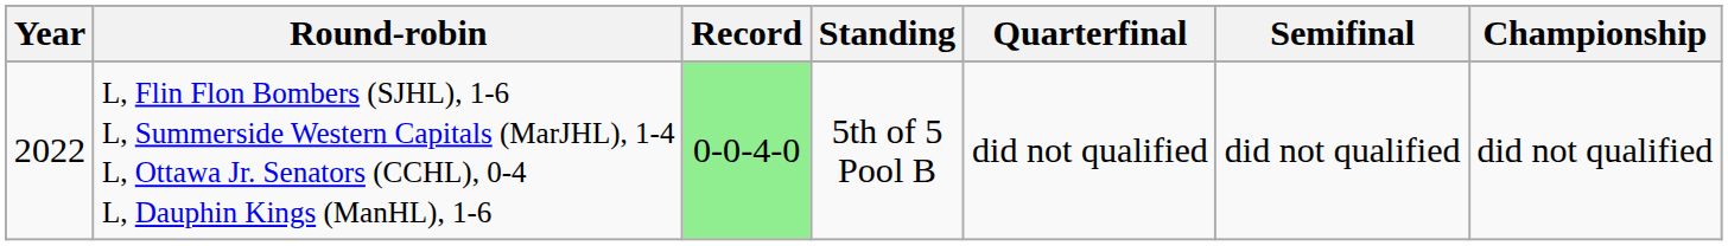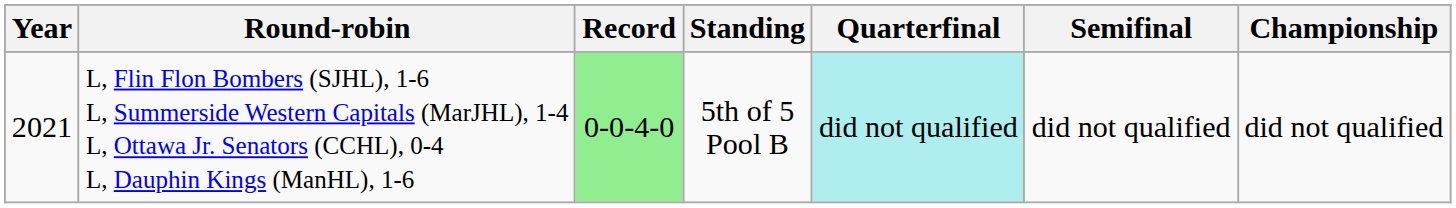 <table class="wikitable" style="text-align:center;">
 <tr>
 <th>Year</th>
 <th>Round-robin</th>
 <th>Record</th>
 <th>Standing</th>
 <th>Quarterfinal</th>
 <th>Semifinal</th>
 <th>Championship</th>
 </tr>
 <tr>
-<td>2022</td>
+<td>2021</td>
 <td align=left><small>L, <a href='#'>Flin Flon Bombers</a> (SJHL), 1-6<br>L, <a href='#'>Summerside Western Capitals</a> (MarJHL), 1-4<br>L, <a href='#'>Ottawa Jr. Senators</a> (CCHL), 0-4<br>L, <a href='#'>Dauphin Kings</a> (ManHL), 1-6</small></td>
 <td style="background: lightgreen;">0-0-4-0</td>
 <td>5th of 5 <br>Pool B</td>
-<td>did not qualified</td>
+<td style="background: paleturquoise;">did not qualified</td>
 <td>did not qualified</td>
 <td>did not qualified</td>
 </tr>
 </table>
